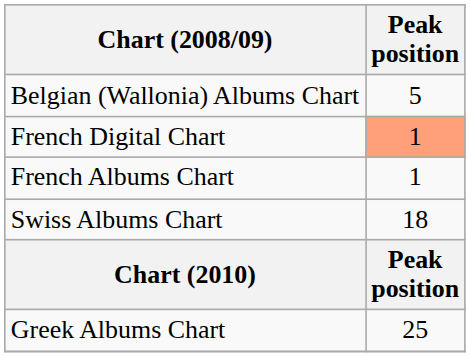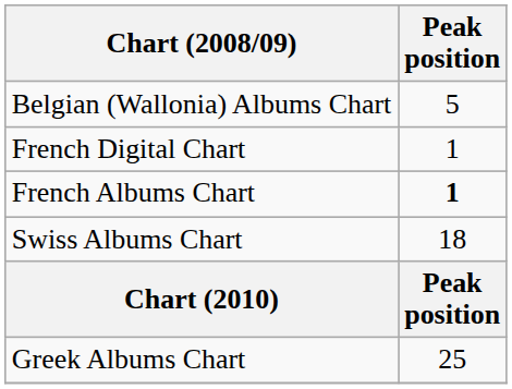 <table class="wikitable sortable">
 <tr>
 <th>Chart (2008/09)</th>
 <th>Peak<br>position</th>
 </tr>
 <tr>
 <td>Belgian (Wallonia) Albums Chart</td>
 <td align="center">5</td>
 </tr>
 <tr>
 <td>French Digital Chart</td>
-<td align="center" style="background: lightsalmon;">1</td>
+<td align="center">1</td>
 </tr>
 <tr>
 <td>French Albums Chart</td>
-<td align="center">1</td>
+<td align="center"><strong>1</strong></td>
 </tr>
 <tr>
 <td>Swiss Albums Chart</td>
 <td align="center">18</td>
 </tr>
 <tr>
 <th>Chart (2010)</th>
 <th>Peak<br>position</th>
 </tr>
 <tr>
 <td>Greek Albums Chart</td>
 <td align="center">25</td>
 </tr>
 <tr>
 </tr>
 </table>
